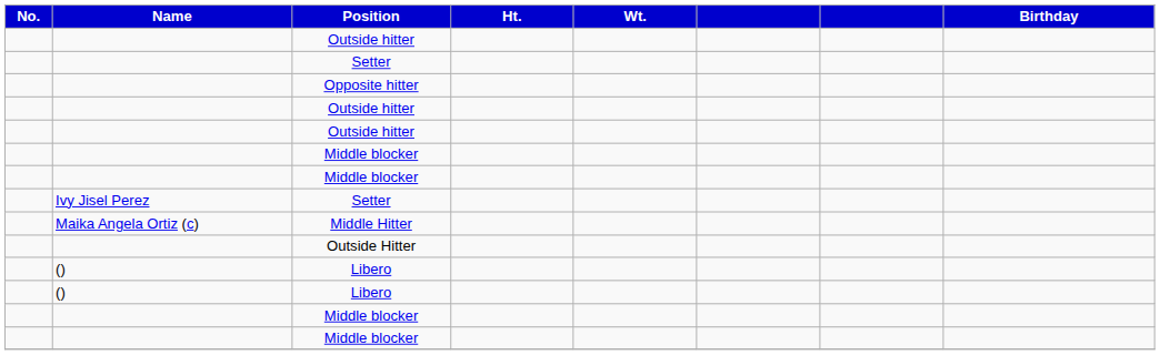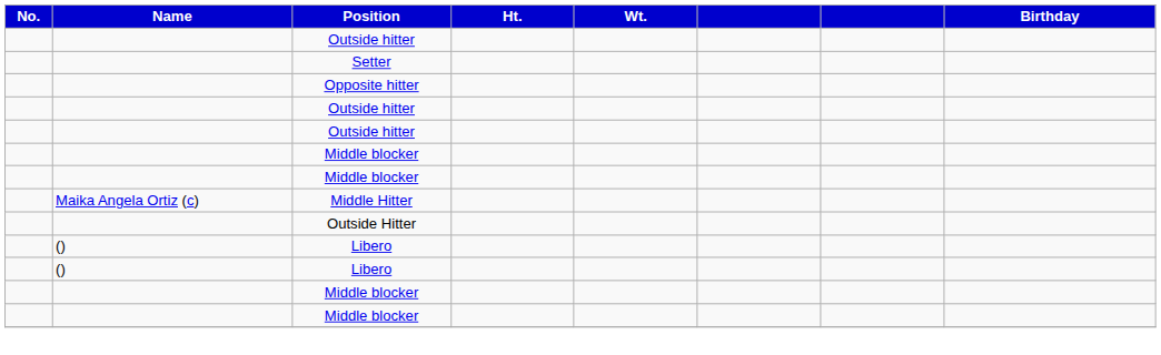 <table class="wikitable sortable" style="font-size:90%; text-align:center; width:90%;">
 <tr>
 <th style="background:#0000CD; color:white; text-align: center"><strong>No.</strong></th>
 <th style="width:16em; background:#0000CD; color:white;">Name</th>
 <th style="background:#0000CD; color:white; text-align: center"><strong>Position</strong></th>
 <th style="width:8em; background:#0000CD; color:white;">Ht.</th>
 <th style="width:8em; background:#0000CD; color:white;">Wt.</th>
 <th style="width:8em; background:#0000CD; color:white;"></th>
 <th style="width:8em; background:#0000CD; color:white;"></th>
 <th style="width:14em; background:#0000CD; color:white;">Birthday</th>
 </tr>
 <tr>
 <td></td>
 <td align=left> </td>
 <td><a href='#'>Outside hitter</a></td>
 <td></td>
 <td></td>
 <td></td>
 <td></td>
 <td align=right></td>
 </tr>
 <tr>
 <td></td>
 <td align=left> </td>
 <td><a href='#'>Setter</a></td>
 <td></td>
 <td></td>
 <td></td>
 <td></td>
 <td align=right></td>
 </tr>
 <tr>
 <td></td>
 <td align=left> </td>
 <td><a href='#'>Opposite hitter</a></td>
 <td></td>
 <td></td>
 <td></td>
 <td></td>
 <td align=right></td>
 </tr>
 <tr>
 <td></td>
 <td align=left> </td>
 <td><a href='#'>Outside hitter</a></td>
 <td></td>
 <td></td>
 <td></td>
 <td></td>
 <td align=right></td>
 </tr>
 <tr>
 <td></td>
 <td align=left> </td>
 <td><a href='#'>Outside hitter</a></td>
 <td></td>
 <td></td>
 <td></td>
 <td></td>
 <td align=right></td>
 </tr>
 <tr>
 <td></td>
 <td align=left> </td>
 <td><a href='#'>Middle blocker</a></td>
 <td></td>
 <td></td>
 <td></td>
 <td></td>
 <td align=right></td>
 </tr>
 <tr>
 <td></td>
 <td align=left> </td>
 <td><a href='#'>Middle blocker</a></td>
 <td></td>
 <td></td>
 <td></td>
 <td></td>
 <td align=right></td>
 </tr>
 <tr>
 <td></td>
-<td align=left> <a href='#'>Ivy Jisel Perez</a></td>
-<td><a href='#'>Setter</a></td>
-<td></td>
-<td></td>
-<td></td>
-<td></td>
-<td align=right></td>
-</tr>
-<tr>
-<td></td>
 <td align=left> <a href='#'>Maika Angela Ortiz</a> (<a href='#'>c</a>)</td>
 <td><a href='#'>Middle Hitter</a></td>
 <td></td>
 <td></td>
 <td></td>
 <td></td>
 <td align=right></td>
 </tr>
 <tr>
 <td></td>
 <td align=left> </td>
 <td>Outside Hitter</td>
 <td></td>
 <td></td>
 <td></td>
 <td></td>
 <td align=right></td>
 </tr>
 <tr>
 <td></td>
 <td align=left>  ()</td>
 <td><a href='#'>Libero</a></td>
 <td></td>
 <td></td>
 <td></td>
 <td></td>
 <td align=right></td>
 </tr>
 <tr>
 <td></td>
 <td align=left>  ()</td>
 <td><a href='#'>Libero</a></td>
 <td></td>
 <td></td>
 <td></td>
 <td></td>
 <td align=right></td>
 </tr>
 <tr>
 <td></td>
 <td align=left> </td>
 <td><a href='#'>Middle blocker</a></td>
 <td></td>
 <td></td>
 <td></td>
 <td></td>
 <td align=right></td>
 </tr>
 <tr>
 <td></td>
 <td align=left> </td>
 <td><a href='#'>Middle blocker</a></td>
 <td></td>
 <td></td>
 <td></td>
 <td></td>
 <td align=right></td>
 </tr>
 <tr>
 </tr>
 </table>
